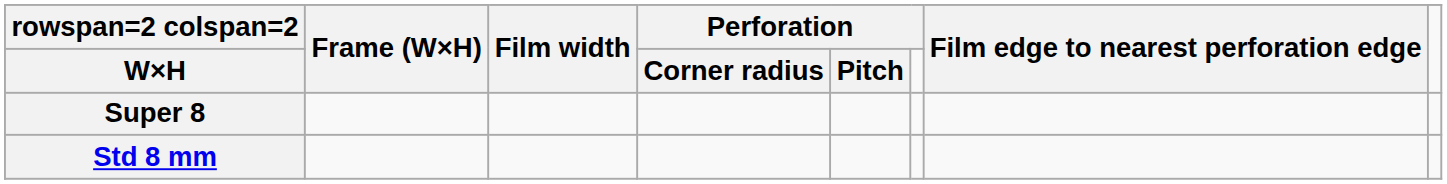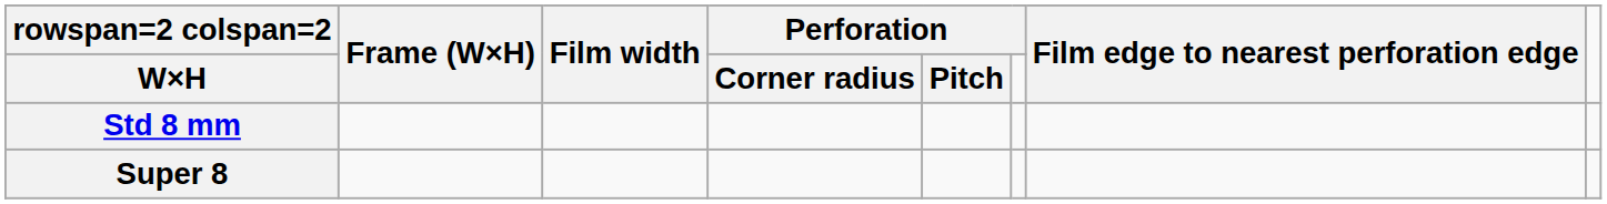 <table class="wikitable" style="font-size:90%;text-align:center;">
 <tr>
 <th>rowspan=2 colspan=2 </th>
 <th rowspan=2>Frame (W×H)</th>
 <th rowspan=2>Film width</th>
 <th colspan=3>Perforation</th>
 <th rowspan=2>Film edge to nearest perforation edge</th>
 </tr>
 <tr>
 <th>W×H</th>
 <th>Corner radius</th>
 <th>Pitch</th>
 </tr>
 <tr>
+<th><a href='#'>Std 8 mm</a></th>
+<td></td>
+<td></td>
+<td></td>
+<td></td>
+<td></td>
+<td></td>
+<td></td>
+</tr>
+<tr>
 <th>Super 8</th>
 <td></td>
 <td></td>
 <td></td>
 <td></td>
 <td></td>
 <td></td>
 <td></td>
 </tr>
-<tr>
-<th><a href='#'>Std 8 mm</a></th>
-<td></td>
-<td></td>
-<td></td>
-<td></td>
-<td></td>
-<td></td>
-<td></td>
-</tr>
 </table>
